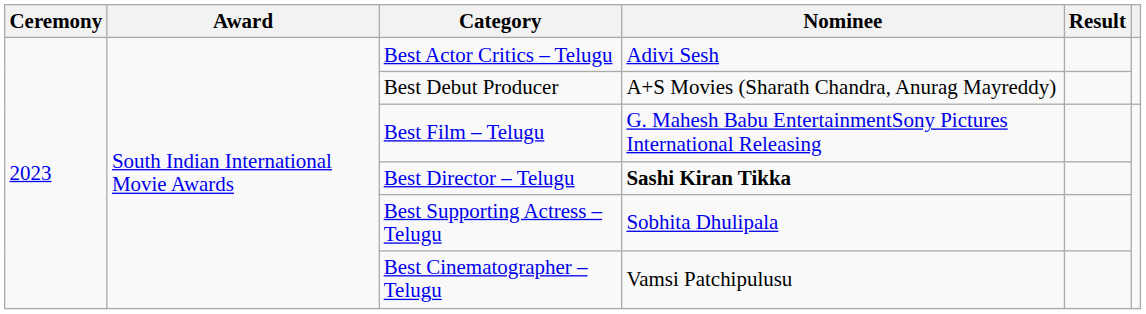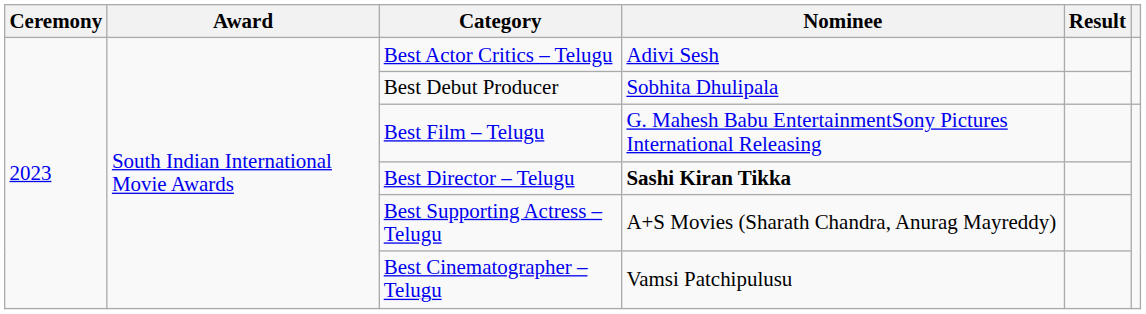 <table class="wikitable">
 <tr>
 <th>Ceremony</th>
 <th>Award</th>
 <th>Category</th>
 <th>Nominee</th>
 <th>Result</th>
 <th></th>
 </tr>
 <tr>
 <td rowspan="6"><a href='#'>2023</a></td>
 <td rowspan="6"><a href='#'>South Indian International Movie Awards</a></td>
 <td><a href='#'>Best Actor Critics – Telugu</a></td>
 <td><a href='#'>Adivi Sesh</a></td>
 <td></td>
 <td rowspan="2"></td>
 </tr>
 <tr>
 <td>Best Debut Producer</td>
-<td>A+S Movies (Sharath Chandra, Anurag Mayreddy)</td>
+<td><a href='#'>Sobhita Dhulipala</a></td>
 <td></td>
 </tr>
 <tr>
 <td><a href='#'>Best Film – Telugu</a></td>
 <td><a href='#'>G. Mahesh Babu Entertainment</a><a href='#'>Sony Pictures International Releasing</a></td>
 <td></td>
 <td rowspan="4"></td>
 </tr>
 <tr>
 <td><a href='#'>Best Director – Telugu</a></td>
 <td><strong>Sashi Kiran Tikka</strong></td>
 <td></td>
 </tr>
 <tr>
 <td><a href='#'>Best Supporting Actress – Telugu</a></td>
-<td><a href='#'>Sobhita Dhulipala</a></td>
+<td>A+S Movies (Sharath Chandra, Anurag Mayreddy)</td>
 <td></td>
 </tr>
 <tr>
 <td><a href='#'>Best Cinematographer – Telugu</a></td>
 <td>Vamsi Patchipulusu</td>
 <td></td>
 </tr>
 </table>
